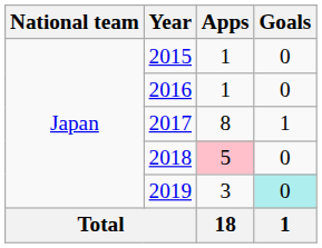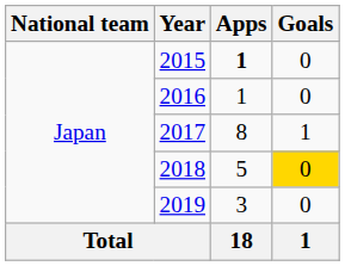 <table class="wikitable" style="text-align:center">
 <tr>
 <th>National team</th>
 <th>Year</th>
 <th>Apps</th>
 <th>Goals</th>
 </tr>
 <tr>
 <td rowspan="5"><a href='#'>Japan</a></td>
 <td><a href='#'>2015</a></td>
-<td>1</td>
+<td><strong>1</strong></td>
 <td>0</td>
 </tr>
 <tr>
 <td><a href='#'>2016</a></td>
 <td>1</td>
 <td>0</td>
 </tr>
 <tr>
 <td><a href='#'>2017</a></td>
 <td>8</td>
 <td>1</td>
 </tr>
 <tr>
 <td><a href='#'>2018</a></td>
-<td style="background: pink;">5</td>
-<td>0</td>
+<td>5</td>
+<td style="background: gold;">0</td>
 </tr>
 <tr>
 <td><a href='#'>2019</a></td>
 <td>3</td>
-<td style="background: paleturquoise;">0</td>
+<td>0</td>
 </tr>
 <tr>
 <th colspan="2">Total</th>
 <th>18</th>
 <th>1</th>
 </tr>
 </table>
